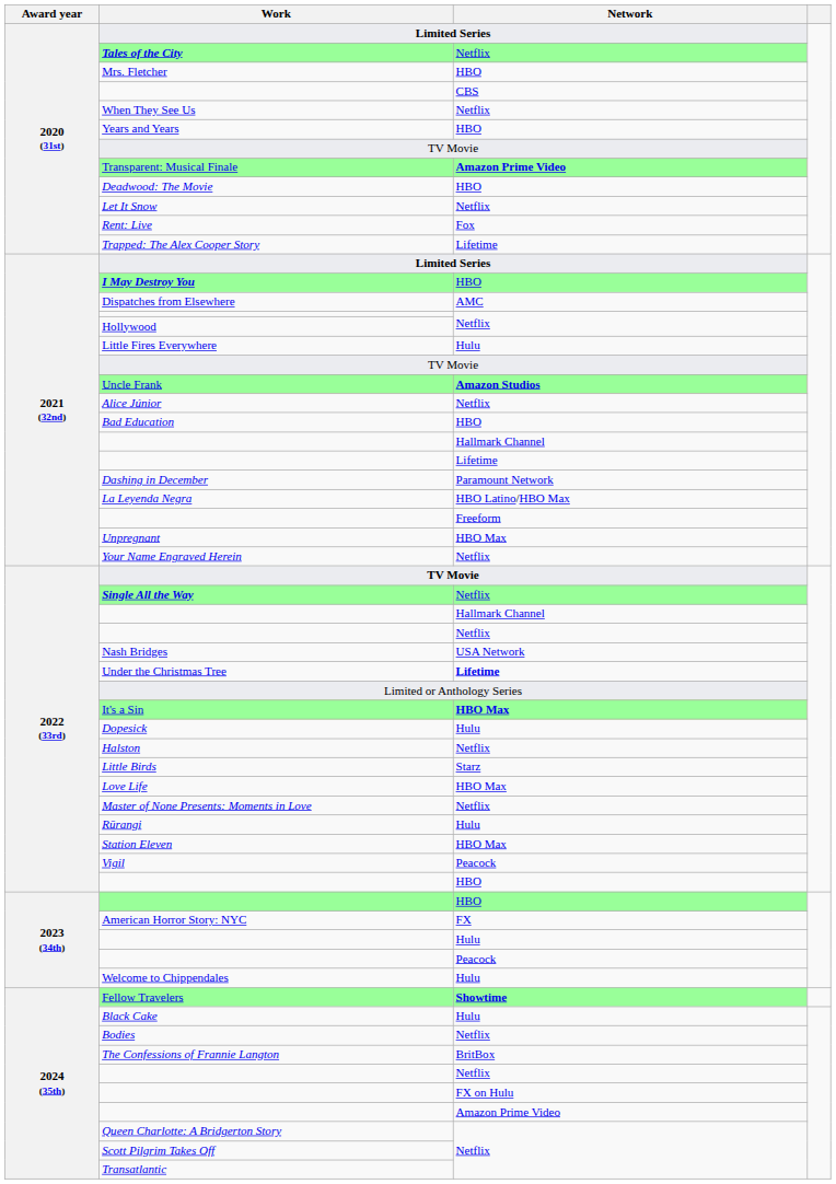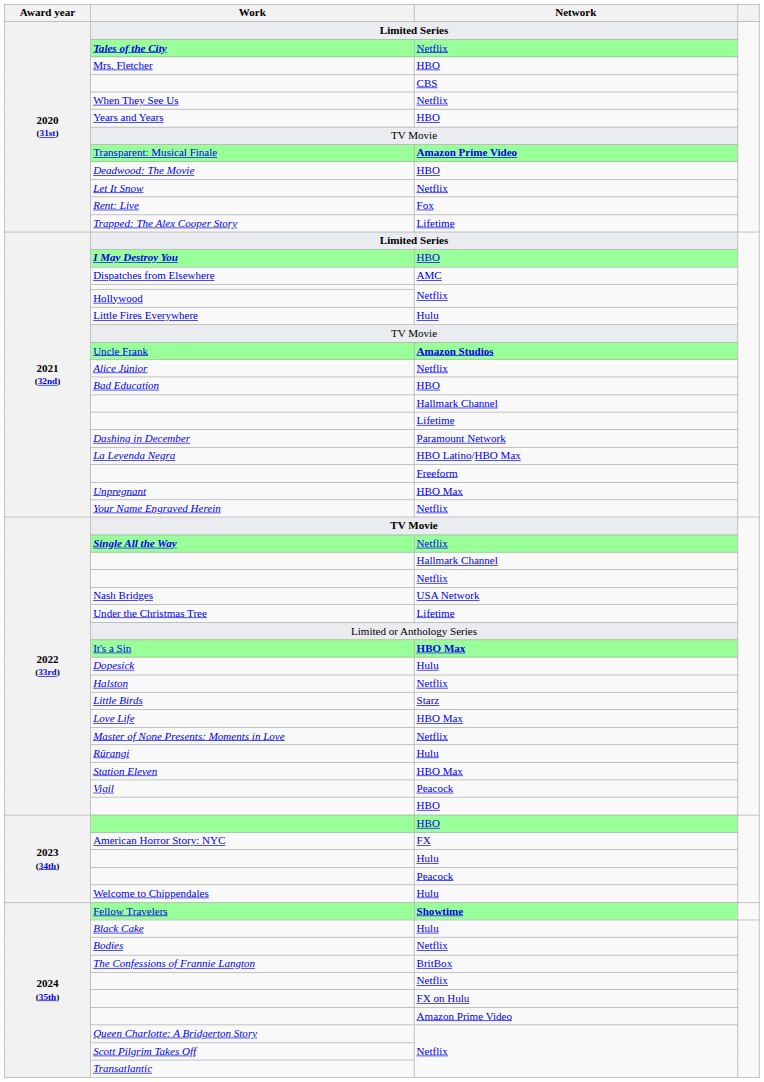 <table class="wikitable sortable">
 <tr>
 <th scope="col" style="width:8%">Award year</th>
 <th scope="col" style="width:30%">Work</th>
 <th scope="col" style="width:30%">Network</th>
 <th scope="col" style="width:2%" class="unsortable"></th>
 </tr>
 <tr>
 <th rowspan="12" scope="rowgroup" style="text-align:center">2020<br><small>(<a href='#'>31st</a>)</small></th>
 <td colspan=2 style="text-align:center; background:#EBECF0"><strong>Limited Series</strong></td>
 <td rowspan="12" align="center"><br></td>
 </tr>
 <tr>
 <td style="background:#99ff99;"><strong><em><a href='#'>Tales of the City</a><em> <strong></td>
 <td style="background:#99ff99;"></strong><a href='#'>Netflix</a><strong></td>
 </tr>
 <tr>
 <td></em><a href='#'>Mrs. Fletcher</a><em></td>
 <td><a href='#'>HBO</a></td>
 </tr>
 <tr>
 <td></em><em></td>
 <td><a href='#'>CBS</a></td>
 </tr>
 <tr>
 <td></em><a href='#'>When They See Us</a><em></td>
 <td><a href='#'>Netflix</a></td>
 </tr>
 <tr>
 <td></em><a href='#'>Years and Years</a><em></td>
 <td><a href='#'>HBO</a></td>
 </tr>
 <tr>
 <td colspan=2 style="text-align:center; background:#EBECF0"></strong>TV Movie<strong></td>
 </tr>
 <tr style="background:#FAEB86">
 <td style="background:#99ff99;"></em></strong><a href='#'>Transparent: Musical Finale</a></em>  </strong></td>
 <td style="background:#99ff99;"><strong><a href='#'>Amazon Prime Video</a></strong></td>
 </tr>
 <tr>
 <td><em><a href='#'>Deadwood: The Movie</a></em></td>
 <td><a href='#'>HBO</a></td>
 </tr>
 <tr>
 <td><em><a href='#'>Let It Snow</a></em></td>
 <td><a href='#'>Netflix</a></td>
 </tr>
 <tr>
 <td><em><a href='#'>Rent: Live</a></em></td>
 <td><a href='#'>Fox</a></td>
 </tr>
 <tr>
 <td><em><a href='#'>Trapped: The Alex Cooper Story</a></em></td>
 <td><a href='#'>Lifetime</a></td>
 </tr>
 <tr>
 <th rowspan="17" scope="rowgroup" style="text-align:center">2021<br><small>(<a href='#'>32nd</a>)</small></th>
 <td colspan=2 style="text-align:center; background:#EBECF0"><strong>Limited Series</strong></td>
 <td rowspan="17" align="center"><br></td>
 </tr>
 <tr>
 <td style="background:#99ff99;"><strong><em><a href='#'>I May Destroy You</a><em> <strong></td>
 <td style="background:#99ff99;"></strong><a href='#'>HBO</a><strong></td>
 </tr>
 <tr>
 <td></em><a href='#'>Dispatches from Elsewhere</a><em></td>
 <td><a href='#'>AMC</a></td>
 </tr>
 <tr>
 <td></em><em></td>
 <td rowspan="2"><a href='#'>Netflix</a></td>
 </tr>
 <tr>
 <td></em><a href='#'>Hollywood</a><em></td>
 </tr>
 <tr>
 <td></em><a href='#'>Little Fires Everywhere</a><em></td>
 <td><a href='#'>Hulu</a></td>
 </tr>
 <tr>
 <td colspan=2 style="text-align:center; background:#EBECF0"></strong>TV Movie<strong></td>
 </tr>
 <tr style="background:#FAEB86">
 <td style="background:#99ff99;"></em></strong><a href='#'>Uncle Frank</a></em>  </strong></td>
 <td style="background:#99ff99;"><strong><a href='#'>Amazon Studios</a></strong></td>
 </tr>
 <tr>
 <td><em><a href='#'>Alice Júnior</a></em></td>
 <td><a href='#'>Netflix</a></td>
 </tr>
 <tr>
 <td><em><a href='#'>Bad Education</a></em></td>
 <td><a href='#'>HBO</a></td>
 </tr>
 <tr>
 <td><em></em></td>
 <td><a href='#'>Hallmark Channel</a></td>
 </tr>
 <tr>
 <td><em></em></td>
 <td><a href='#'>Lifetime</a></td>
 </tr>
 <tr>
 <td><em><a href='#'>Dashing in December</a></em></td>
 <td><a href='#'>Paramount Network</a></td>
 </tr>
 <tr>
 <td><em><a href='#'>La Leyenda Negra</a></em></td>
 <td><a href='#'>HBO Latino</a>/<a href='#'>HBO Max</a></td>
 </tr>
 <tr>
 <td><em></em></td>
 <td><a href='#'>Freeform</a></td>
 </tr>
 <tr>
 <td><em><a href='#'>Unpregnant</a></em></td>
 <td><a href='#'>HBO Max</a></td>
 </tr>
 <tr>
 <td><em><a href='#'>Your Name Engraved Herein</a></em></td>
 <td><a href='#'>Netflix</a></td>
 </tr>
 <tr>
 <th rowspan="17" scope="rowgroup" style="text-align:center">2022<br><small>(<a href='#'>33rd</a>)</small></th>
 <td colspan=2 style="text-align:center; background:#EBECF0"><strong>TV Movie</strong></td>
 <td rowspan="17" align="center"><br></td>
 </tr>
 <tr>
 <td style="background:#99ff99;"><strong><em><a href='#'>Single All the Way</a><em> <strong></td>
 <td style="background:#99ff99;"></strong><a href='#'>Netflix</a><strong></td>
 </tr>
 <tr>
 <td></em><em></td>
 <td><a href='#'>Hallmark Channel</a></td>
 </tr>
 <tr>
 <td></em><em></td>
 <td><a href='#'>Netflix</a></td>
 </tr>
 <tr>
 <td></em><a href='#'>Nash Bridges</a><em></td>
 <td><a href='#'>USA Network</a></td>
 </tr>
 <tr>
 <td></em><a href='#'>Under the Christmas Tree</a><em></td>
-<td><strong><a href='#'>Lifetime</a></strong></td>
+<td><a href='#'>Lifetime</a></td>
 </tr>
 <tr>
 <td colspan=2 style="text-align:center; background:#EBECF0"></strong>Limited or Anthology Series<strong></td>
 </tr>
 <tr style="background:#FAEB86">
 <td style="background:#99ff99;"></em></strong><a href='#'>It's a Sin</a></em>  </strong></td>
 <td style="background:#99ff99;"><strong><a href='#'>HBO Max</a></strong></td>
 </tr>
 <tr>
 <td><em><a href='#'>Dopesick</a></em></td>
 <td><a href='#'>Hulu</a></td>
 </tr>
 <tr>
 <td><em><a href='#'>Halston</a></em></td>
 <td><a href='#'>Netflix</a></td>
 </tr>
 <tr>
 <td><em><a href='#'>Little Birds</a></em></td>
 <td><a href='#'>Starz</a></td>
 </tr>
 <tr>
 <td><em><a href='#'>Love Life</a></em></td>
 <td><a href='#'>HBO Max</a></td>
 </tr>
 <tr>
 <td><em><a href='#'>Master of None Presents: Moments in Love</a></em></td>
 <td><a href='#'>Netflix</a></td>
 </tr>
 <tr>
 <td><em><a href='#'>Rūrangi</a></em></td>
 <td><a href='#'>Hulu</a></td>
 </tr>
 <tr>
 <td><em><a href='#'>Station Eleven</a></em></td>
 <td><a href='#'>HBO Max</a></td>
 </tr>
 <tr>
 <td><em><a href='#'>Vigil</a></em></td>
 <td><a href='#'>Peacock</a></td>
 </tr>
 <tr>
 <td><em></em></td>
 <td><a href='#'>HBO</a></td>
 </tr>
 <tr>
 <th rowspan="5" scope="rowgroup" style="text-align:center">2023<br><small>(<a href='#'>34th</a>)</small></th>
 <td style="background:#99ff99;"><strong><em><em> <strong></td>
 <td style="background:#99ff99;"></strong><a href='#'>HBO</a><strong></td>
 <td rowspan="5" align="center"><br></td>
 </tr>
 <tr>
 <td></em><a href='#'>American Horror Story: NYC</a><em></td>
 <td><a href='#'>FX</a></td>
 </tr>
 <tr>
 <td></em><em></td>
 <td><a href='#'>Hulu</a></td>
 </tr>
 <tr>
 <td></em><em></td>
 <td><a href='#'>Peacock</a></td>
 </tr>
 <tr>
 <td></em><a href='#'>Welcome to Chippendales</a><em></td>
 <td><a href='#'>Hulu</a></td>
 </tr>
 <tr>
 <th rowspan="10" scope="rowgroup" style="text-align:center">2024<br><small>(<a href='#'>35th</a>)</small></th>
 <td style="background:#99ff99;"></em></strong><a href='#'>Fellow Travelers</a></em> </strong></td>
 <td style="background:#99ff99;"><strong><a href='#'>Showtime</a></strong></td>
 <td></td>
 </tr>
 <tr>
 <td><em><a href='#'>Black Cake</a></em></td>
 <td><a href='#'>Hulu</a></td>
 <td rowspan="10" align="center"></td>
 </tr>
 <tr>
 <td><em><a href='#'>Bodies</a></em></td>
 <td><a href='#'>Netflix</a></td>
 </tr>
 <tr>
 <td><em><a href='#'>The Confessions of Frannie Langton</a></em></td>
 <td><a href='#'>BritBox</a></td>
 </tr>
 <tr>
 <td></td>
 <td><a href='#'>Netflix</a></td>
 </tr>
 <tr>
 <td></td>
 <td><a href='#'>FX on Hulu</a></td>
 </tr>
 <tr>
 <td></td>
 <td><a href='#'>Amazon Prime Video</a></td>
 </tr>
 <tr>
 <td><em><a href='#'>Queen Charlotte: A Bridgerton Story</a></em></td>
 <td rowspan="3"><a href='#'>Netflix</a></td>
 </tr>
 <tr>
 <td><em><a href='#'>Scott Pilgrim Takes Off</a></em></td>
 </tr>
 <tr>
 <td><em><a href='#'>Transatlantic</a></em></td>
 </tr>
 </table>
